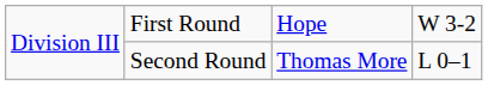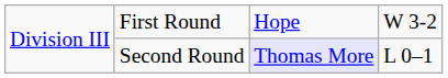 <table class="wikitable">
 <tr>
 <td rowspan="2"><a href='#'>Division III</a></td>
 <td>First Round</td>
 <td><a href='#'>Hope</a></td>
 <td>W 3-2</td>
 </tr>
 <tr>
 <td>Second Round</td>
-<td><a href='#'>Thomas More</a></td>
+<td style="background: lavender;"><a href='#'>Thomas More</a></td>
 <td>L 0–1</td>
 </tr>
 </table>
